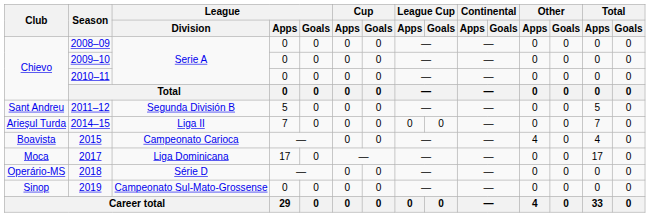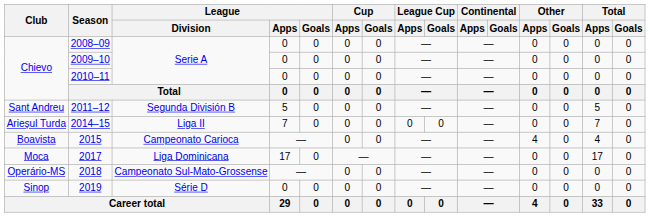 <table class="wikitable" style="text-align:center">
 <tr>
 <th rowspan="2">Club</th>
 <th rowspan="2">Season</th>
 <th colspan="3">League</th>
 <th colspan="2">Cup</th>
 <th colspan="2">League Cup</th>
 <th colspan="2">Continental</th>
 <th colspan="2">Other</th>
 <th colspan="2">Total</th>
 </tr>
 <tr>
 <th>Division</th>
 <th>Apps</th>
 <th>Goals</th>
 <th>Apps</th>
 <th>Goals</th>
 <th>Apps</th>
 <th>Goals</th>
 <th>Apps</th>
 <th>Goals</th>
 <th>Apps</th>
 <th>Goals</th>
 <th>Apps</th>
 <th>Goals</th>
 </tr>
 <tr>
 <td rowspan="4"><a href='#'>Chievo</a></td>
 <td><a href='#'>2008–09</a></td>
 <td rowspan="3"><a href='#'>Serie A</a></td>
 <td>0</td>
 <td>0</td>
 <td>0</td>
 <td>0</td>
 <td colspan="2">—</td>
 <td colspan="2">—</td>
 <td>0</td>
 <td>0</td>
 <td>0</td>
 <td>0</td>
 </tr>
 <tr>
 <td><a href='#'>2009–10</a></td>
 <td>0</td>
 <td>0</td>
 <td>0</td>
 <td>0</td>
 <td colspan="2">—</td>
 <td colspan="2">—</td>
 <td>0</td>
 <td>0</td>
 <td>0</td>
 <td>0</td>
 </tr>
 <tr>
 <td><a href='#'>2010–11</a></td>
 <td>0</td>
 <td>0</td>
 <td>0</td>
 <td>0</td>
 <td colspan="2">—</td>
 <td colspan="2">—</td>
 <td>0</td>
 <td>0</td>
 <td>0</td>
 <td>0</td>
 </tr>
 <tr>
 <th colspan="2">Total</th>
 <th>0</th>
 <th>0</th>
 <th>0</th>
 <th>0</th>
 <th colspan="2">—</th>
 <th colspan="2">—</th>
 <th>0</th>
 <th>0</th>
 <th>0</th>
 <th>0</th>
 </tr>
 <tr>
 <td rowspan="1"><a href='#'>Sant Andreu</a></td>
 <td><a href='#'>2011–12</a></td>
 <td rowspan="1"><a href='#'>Segunda División B</a></td>
 <td>5</td>
 <td>0</td>
 <td>0</td>
 <td>0</td>
 <td colspan="2">—</td>
 <td colspan="2">—</td>
 <td>0</td>
 <td>0</td>
 <td>5</td>
 <td>0</td>
 </tr>
 <tr>
 <td rowspan="1"><a href='#'>Arieșul Turda</a></td>
 <td><a href='#'>2014–15</a></td>
 <td rowspan="1"><a href='#'>Liga II</a></td>
 <td>7</td>
 <td>0</td>
 <td>0</td>
 <td>0</td>
 <td>0</td>
 <td>0</td>
 <td colspan="2">—</td>
 <td>0</td>
 <td>0</td>
 <td>7</td>
 <td>0</td>
 </tr>
 <tr>
 <td rowspan="1"><a href='#'>Boavista</a></td>
 <td><a href='#'>2015</a></td>
 <td rowspan="1"><a href='#'>Campeonato Carioca</a></td>
 <td colspan="2">—</td>
 <td>0</td>
 <td>0</td>
 <td colspan="2">—</td>
 <td colspan="2">—</td>
 <td>4</td>
 <td>0</td>
 <td>4</td>
 <td>0</td>
 </tr>
 <tr>
 <td rowspan="1"><a href='#'>Moca</a></td>
 <td><a href='#'>2017</a></td>
 <td rowspan="1"><a href='#'>Liga Dominicana</a></td>
 <td>17</td>
 <td>0</td>
 <td colspan="2">—</td>
 <td colspan="2">—</td>
 <td colspan="2">—</td>
 <td>0</td>
 <td>0</td>
 <td>17</td>
 <td>0</td>
 </tr>
 <tr>
 <td rowspan="1"><a href='#'>Operário-MS</a></td>
 <td><a href='#'>2018</a></td>
-<td rowspan="1"><a href='#'>Série D</a></td>
+<td rowspan="1"><a href='#'>Campeonato Sul-Mato-Grossense</a></td>
 <td colspan="2">—</td>
 <td>0</td>
 <td>0</td>
 <td colspan="2">—</td>
 <td colspan="2">—</td>
 <td>0</td>
 <td>0</td>
 <td>0</td>
 <td>0</td>
 </tr>
 <tr>
 <td rowspan="1"><a href='#'>Sinop</a></td>
 <td><a href='#'>2019</a></td>
-<td rowspan="1"><a href='#'>Campeonato Sul-Mato-Grossense</a></td>
+<td rowspan="1"><a href='#'>Série D</a></td>
 <td>0</td>
 <td>0</td>
 <td>0</td>
 <td>0</td>
 <td colspan="2">—</td>
 <td colspan="2">—</td>
 <td>0</td>
 <td>0</td>
 <td>0</td>
 <td>0</td>
 </tr>
 <tr>
 <th colspan="3">Career total</th>
 <th>29</th>
 <th>0</th>
 <th>0</th>
 <th>0</th>
 <th>0</th>
 <th>0</th>
 <th colspan="2">—</th>
 <th>4</th>
 <th>0</th>
 <th>33</th>
 <th>0</th>
 </tr>
 </table>
